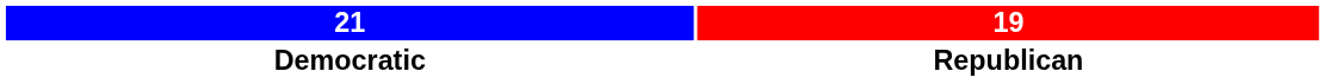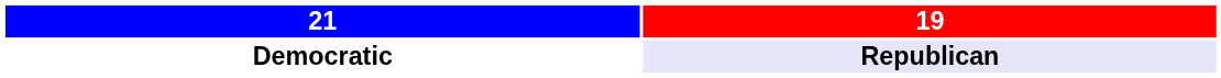 <table style="width:60%; text-align:center;">
 <tr style="color:white;">
 <td style="background:blue; width:52.5%;"><strong>21</strong></td>
 <td style="background:red; width:47.5%;"><strong>19</strong></td>
 </tr>
 <tr>
 <td><span><strong>Democratic</strong></span></td>
-<td><span><strong>Republican</strong></span></td>
+<td style="background: lavender;"><span><strong>Republican</strong></span></td>
 </tr>
 </table>
